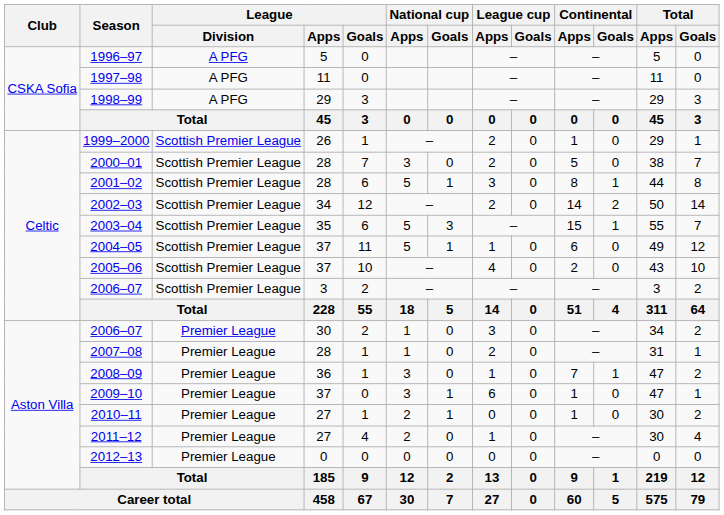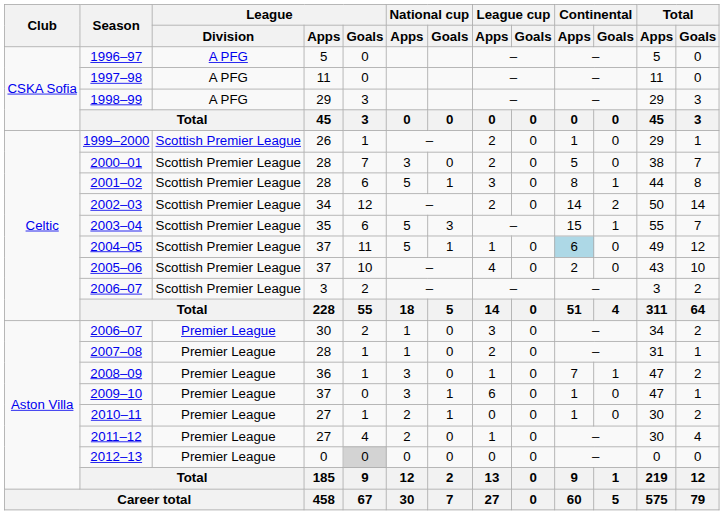 <table class="wikitable" style="text-align:center">
 <tr>
 <th rowspan="2">Club</th>
 <th rowspan="2">Season</th>
 <th colspan="3">League</th>
 <th colspan="2">National cup</th>
 <th colspan="2">League cup</th>
 <th colspan="2">Continental</th>
 <th colspan="2">Total</th>
 </tr>
 <tr>
 <th>Division</th>
 <th>Apps</th>
 <th>Goals</th>
 <th>Apps</th>
 <th>Goals</th>
 <th>Apps</th>
 <th>Goals</th>
 <th>Apps</th>
 <th>Goals</th>
 <th>Apps</th>
 <th>Goals</th>
 </tr>
 <tr>
 <td rowspan="4"><a href='#'>CSKA Sofia</a></td>
 <td><a href='#'>1996–97</a></td>
 <td><a href='#'>A PFG</a></td>
 <td>5</td>
 <td>0</td>
 <td></td>
 <td></td>
 <td colspan="2">–</td>
 <td colspan="2">–</td>
 <td>5</td>
 <td>0</td>
 </tr>
 <tr>
 <td><a href='#'>1997–98</a></td>
 <td>A PFG</td>
 <td>11</td>
 <td>0</td>
 <td></td>
 <td></td>
 <td colspan="2">–</td>
 <td colspan="2">–</td>
 <td>11</td>
 <td>0</td>
 </tr>
 <tr>
 <td><a href='#'>1998–99</a></td>
 <td>A PFG</td>
 <td>29</td>
 <td>3</td>
 <td></td>
 <td></td>
 <td colspan="2">–</td>
 <td colspan="2">–</td>
 <td>29</td>
 <td>3</td>
 </tr>
 <tr>
 <th colspan="2">Total</th>
 <th>45</th>
 <th>3</th>
 <th>0</th>
 <th>0</th>
 <th>0</th>
 <th>0</th>
 <th>0</th>
 <th>0</th>
 <th>45</th>
 <th>3</th>
 </tr>
 <tr>
 <td rowspan="9"><a href='#'>Celtic</a></td>
 <td><a href='#'>1999–2000</a></td>
 <td><a href='#'>Scottish Premier League</a></td>
 <td>26</td>
 <td>1</td>
 <td colspan="2">–</td>
 <td>2</td>
 <td>0</td>
 <td>1</td>
 <td>0</td>
 <td>29</td>
 <td>1</td>
 </tr>
 <tr>
 <td><a href='#'>2000–01</a></td>
 <td>Scottish Premier League</td>
 <td>28</td>
 <td>7</td>
 <td>3</td>
 <td>0</td>
 <td>2</td>
 <td>0</td>
 <td>5</td>
 <td>0</td>
 <td>38</td>
 <td>7</td>
 </tr>
 <tr>
 <td><a href='#'>2001–02</a></td>
 <td>Scottish Premier League</td>
 <td>28</td>
 <td>6</td>
 <td>5</td>
 <td>1</td>
 <td>3</td>
 <td>0</td>
 <td>8</td>
 <td>1</td>
 <td>44</td>
 <td>8</td>
 </tr>
 <tr>
 <td><a href='#'>2002–03</a></td>
 <td>Scottish Premier League</td>
 <td>34</td>
 <td>12</td>
 <td colspan="2">–</td>
 <td>2</td>
 <td>0</td>
 <td>14</td>
 <td>2</td>
 <td>50</td>
 <td>14</td>
 </tr>
 <tr>
 <td><a href='#'>2003–04</a></td>
 <td>Scottish Premier League</td>
 <td>35</td>
 <td>6</td>
 <td>5</td>
 <td>3</td>
 <td colspan="2">–</td>
 <td>15</td>
 <td>1</td>
 <td>55</td>
 <td>7</td>
 </tr>
 <tr>
 <td><a href='#'>2004–05</a></td>
 <td>Scottish Premier League</td>
 <td>37</td>
 <td>11</td>
 <td>5</td>
 <td>1</td>
 <td>1</td>
 <td>0</td>
-<td>6</td>
+<td style="background: lightblue;">6</td>
 <td>0</td>
 <td>49</td>
 <td>12</td>
 </tr>
 <tr>
 <td><a href='#'>2005–06</a></td>
 <td>Scottish Premier League</td>
 <td>37</td>
 <td>10</td>
 <td colspan="2">–</td>
 <td>4</td>
 <td>0</td>
 <td>2</td>
 <td>0</td>
 <td>43</td>
 <td>10</td>
 </tr>
 <tr>
 <td><a href='#'>2006–07</a></td>
 <td>Scottish Premier League</td>
 <td>3</td>
 <td>2</td>
 <td colspan="2">–</td>
 <td colspan="2">–</td>
 <td colspan="2">–</td>
 <td>3</td>
 <td>2</td>
 </tr>
 <tr>
 <th colspan="2">Total</th>
 <th>228</th>
 <th>55</th>
 <th>18</th>
 <th>5</th>
 <th>14</th>
 <th>0</th>
 <th>51</th>
 <th>4</th>
 <th>311</th>
 <th>64</th>
 </tr>
 <tr>
 <td rowspan="8"><a href='#'>Aston Villa</a></td>
 <td><a href='#'>2006–07</a></td>
 <td><a href='#'>Premier League</a></td>
 <td>30</td>
 <td>2</td>
 <td>1</td>
 <td>0</td>
 <td>3</td>
 <td>0</td>
 <td colspan="2">–</td>
 <td>34</td>
 <td>2</td>
 </tr>
 <tr>
 <td><a href='#'>2007–08</a></td>
 <td>Premier League</td>
 <td>28</td>
 <td>1</td>
 <td>1</td>
 <td>0</td>
 <td>2</td>
 <td>0</td>
 <td colspan="2">–</td>
 <td>31</td>
 <td>1</td>
 </tr>
 <tr>
 <td><a href='#'>2008–09</a></td>
 <td>Premier League</td>
 <td>36</td>
 <td>1</td>
 <td>3</td>
 <td>0</td>
 <td>1</td>
 <td>0</td>
 <td>7</td>
 <td>1</td>
 <td>47</td>
 <td>2</td>
 </tr>
 <tr>
 <td><a href='#'>2009–10</a></td>
 <td>Premier League</td>
 <td>37</td>
 <td>0</td>
 <td>3</td>
 <td>1</td>
 <td>6</td>
 <td>0</td>
 <td>1</td>
 <td>0</td>
 <td>47</td>
 <td>1</td>
 </tr>
 <tr>
 <td><a href='#'>2010–11</a></td>
 <td>Premier League</td>
 <td>27</td>
 <td>1</td>
 <td>2</td>
 <td>1</td>
 <td>0</td>
 <td>0</td>
 <td>1</td>
 <td>0</td>
 <td>30</td>
 <td>2</td>
 </tr>
 <tr>
 <td><a href='#'>2011–12</a></td>
 <td>Premier League</td>
 <td>27</td>
 <td>4</td>
 <td>2</td>
 <td>0</td>
 <td>1</td>
 <td>0</td>
 <td colspan="2">–</td>
 <td>30</td>
 <td>4</td>
 </tr>
 <tr>
 <td><a href='#'>2012–13</a></td>
 <td>Premier League</td>
 <td>0</td>
-<td>0</td>
+<td style="background: lightgrey;">0</td>
 <td>0</td>
 <td>0</td>
 <td>0</td>
 <td>0</td>
 <td colspan="2">–</td>
 <td>0</td>
 <td>0</td>
 </tr>
 <tr>
 <th colspan="2">Total</th>
 <th>185</th>
 <th>9</th>
 <th>12</th>
 <th>2</th>
 <th>13</th>
 <th>0</th>
 <th>9</th>
 <th>1</th>
 <th>219</th>
 <th>12</th>
 </tr>
 <tr>
 <th colspan="3">Career total</th>
 <th>458</th>
 <th>67</th>
 <th>30</th>
 <th>7</th>
 <th>27</th>
 <th>0</th>
 <th>60</th>
 <th>5</th>
 <th>575</th>
 <th>79</th>
 </tr>
 </table>
